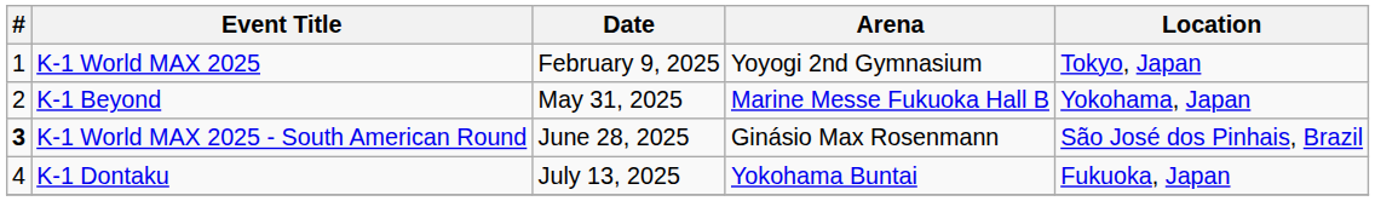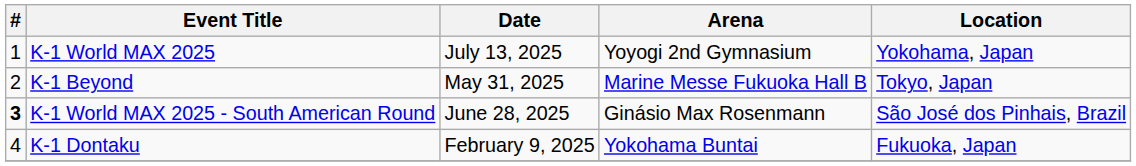 <table class="sortable wikitable succession-box" style="margin:1.0em auto; font-size:90%;">
 <tr>
 <th scope="col">#</th>
 <th scope="col">Event Title</th>
 <th scope="col">Date</th>
 <th scope="col">Arena</th>
 <th scope="col">Location</th>
 </tr>
 <tr>
 <td align=center>1</td>
 <td><a href='#'>K-1 World MAX 2025</a></td>
-<td>February 9, 2025</td>
+<td>July 13, 2025</td>
 <td>Yoyogi 2nd Gymnasium</td>
-<td> <a href='#'>Tokyo</a>, <a href='#'>Japan</a></td>
+<td> <a href='#'>Yokohama</a>, <a href='#'>Japan</a></td>
 </tr>
 <tr>
 <td align=center>2</td>
 <td><a href='#'>K-1 Beyond</a></td>
 <td>May 31, 2025</td>
 <td><a href='#'>Marine Messe Fukuoka Hall B</a></td>
-<td> <a href='#'>Yokohama</a>, <a href='#'>Japan</a></td>
+<td> <a href='#'>Tokyo</a>, <a href='#'>Japan</a></td>
 </tr>
 <tr>
 <td align=center><strong>3</strong></td>
 <td><a href='#'>K-1 World MAX 2025 - South American Round</a></td>
 <td>June 28, 2025</td>
 <td>Ginásio Max Rosenmann</td>
 <td> <a href='#'>São José dos Pinhais</a>, <a href='#'>Brazil</a></td>
 </tr>
 <tr>
 <td align=center>4</td>
 <td><a href='#'>K-1 Dontaku</a></td>
-<td>July 13, 2025</td>
+<td>February 9, 2025</td>
 <td><a href='#'>Yokohama Buntai</a></td>
 <td> <a href='#'>Fukuoka</a>, <a href='#'>Japan</a></td>
 </tr>
 <tr>
 </tr>
 </table>
